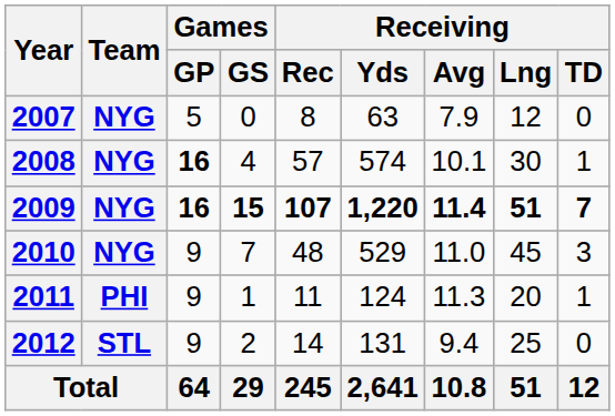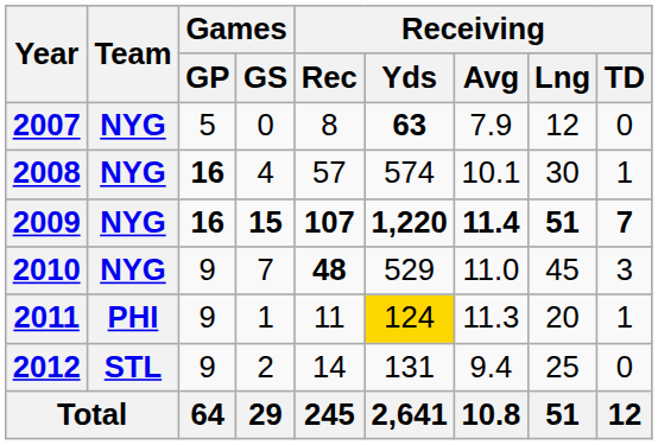 <table class="wikitable" style="text-align:center;">
 <tr>
 <th rowspan="2">Year</th>
 <th rowspan="2">Team</th>
 <th colspan="2">Games</th>
 <th colspan="5">Receiving</th>
 </tr>
 <tr>
 <th>GP</th>
 <th>GS</th>
 <th>Rec</th>
 <th>Yds</th>
 <th>Avg</th>
 <th>Lng</th>
 <th>TD</th>
 </tr>
 <tr>
 <th><a href='#'>2007</a></th>
 <th><a href='#'>NYG</a></th>
 <td>5</td>
 <td>0</td>
 <td>8</td>
-<td>63</td>
+<td><strong>63</strong></td>
 <td>7.9</td>
 <td>12</td>
 <td>0</td>
 </tr>
 <tr>
 <th><a href='#'>2008</a></th>
 <th><a href='#'>NYG</a></th>
 <td><strong>16</strong></td>
 <td>4</td>
 <td>57</td>
 <td>574</td>
 <td>10.1</td>
 <td>30</td>
 <td>1</td>
 </tr>
 <tr>
 <th><a href='#'>2009</a></th>
 <th><a href='#'>NYG</a></th>
 <td><strong>16</strong></td>
 <td><strong>15</strong></td>
 <td><strong>107</strong></td>
 <td><strong>1,220</strong></td>
 <td><strong>11.4</strong></td>
 <td><strong>51</strong></td>
 <td><strong>7</strong></td>
 </tr>
 <tr>
 <th><a href='#'>2010</a></th>
 <th><a href='#'>NYG</a></th>
 <td>9</td>
 <td>7</td>
-<td>48</td>
+<td><strong>48</strong></td>
 <td>529</td>
 <td>11.0</td>
 <td>45</td>
 <td>3</td>
 </tr>
 <tr>
 <th><a href='#'>2011</a></th>
 <th><a href='#'>PHI</a></th>
 <td>9</td>
 <td>1</td>
 <td>11</td>
-<td>124</td>
+<td style="background: gold;">124</td>
 <td>11.3</td>
 <td>20</td>
 <td>1</td>
 </tr>
 <tr>
 <th><a href='#'>2012</a></th>
 <th><a href='#'>STL</a></th>
 <td>9</td>
 <td>2</td>
 <td>14</td>
 <td>131</td>
 <td>9.4</td>
 <td>25</td>
 <td>0</td>
 </tr>
 <tr>
 <th colspan="2">Total</th>
 <th>64</th>
 <th>29</th>
 <th>245</th>
 <th>2,641</th>
 <th>10.8</th>
 <th>51</th>
 <th>12</th>
 </tr>
 </table>
